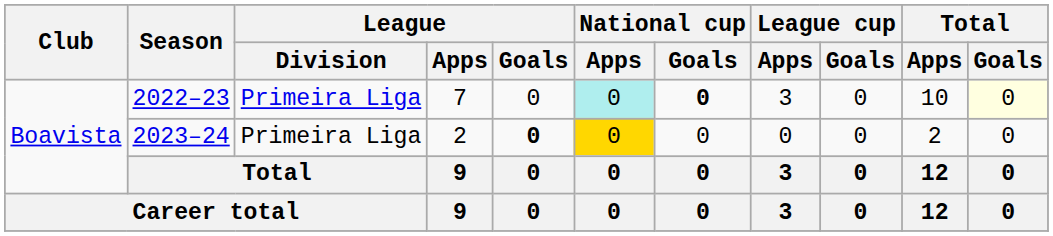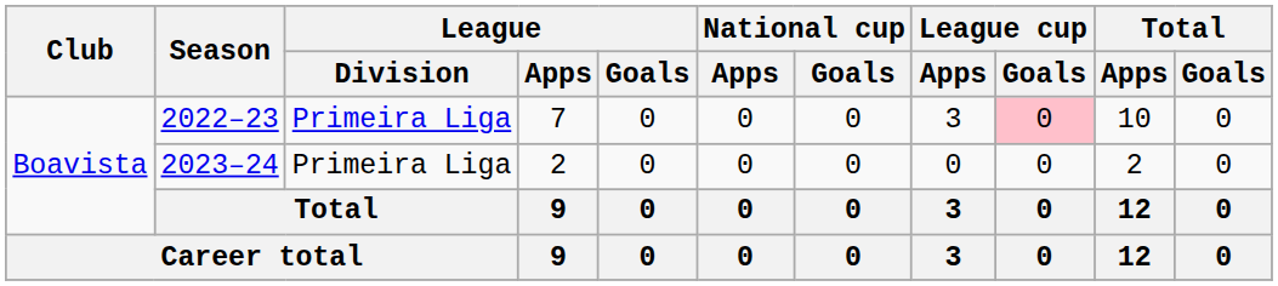 <table class="wikitable" style="text-align: center">
 <tr>
 <th rowspan="2">Club</th>
 <th rowspan="2">Season</th>
 <th colspan="3">League</th>
 <th colspan="2">National cup</th>
 <th colspan="2">League cup</th>
 <th colspan="2">Total</th>
 </tr>
 <tr>
 <th>Division</th>
 <th>Apps</th>
 <th>Goals</th>
 <th>Apps</th>
 <th>Goals</th>
 <th>Apps</th>
 <th>Goals</th>
 <th>Apps</th>
 <th>Goals</th>
 </tr>
 <tr>
 <td rowspan="3"><a href='#'>Boavista</a></td>
 <td><a href='#'>2022–23</a></td>
 <td><a href='#'>Primeira Liga</a></td>
 <td>7</td>
 <td>0</td>
-<td style="background: paleturquoise;">0</td>
-<td><strong>0</strong></td>
+<td>0</td>
+<td>0</td>
 <td>3</td>
+<td style="background: pink;">0</td>
+<td>10</td>
 <td>0</td>
-<td>10</td>
-<td style="background: lightyellow;">0</td>
 </tr>
 <tr>
 <td><a href='#'>2023–24</a></td>
 <td>Primeira Liga</td>
 <td>2</td>
-<td><strong>0</strong></td>
-<td style="background: gold;">0</td>
+<td>0</td>
+<td>0</td>
 <td>0</td>
 <td>0</td>
 <td>0</td>
 <td>2</td>
 <td>0</td>
 </tr>
 <tr>
 <th colspan="2">Total</th>
 <th>9</th>
 <th>0</th>
 <th>0</th>
 <th>0</th>
 <th>3</th>
 <th>0</th>
 <th>12</th>
 <th>0</th>
 </tr>
 <tr>
 <th colspan="3">Career total</th>
 <th>9</th>
 <th>0</th>
 <th>0</th>
 <th>0</th>
 <th>3</th>
 <th>0</th>
 <th>12</th>
 <th>0</th>
 </tr>
 </table>
